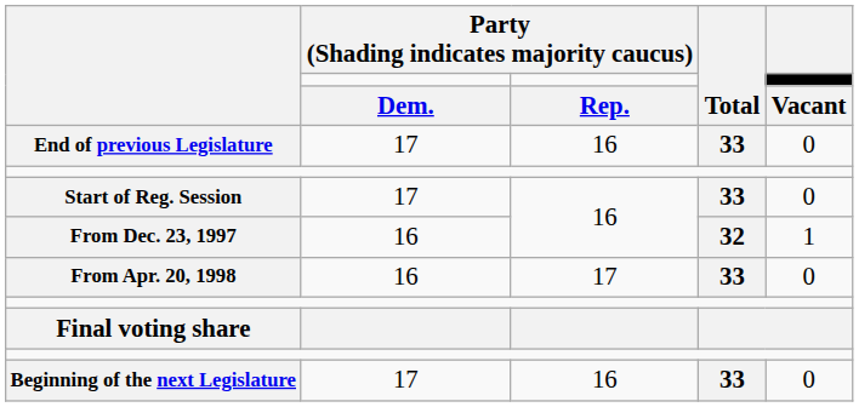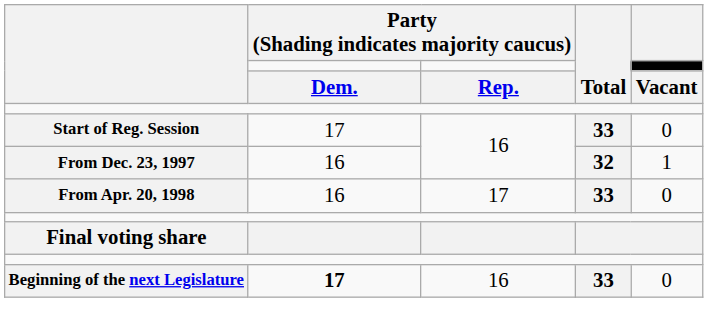 <table class=wikitable style="text-align:center">
 <tr style="vertical-align:bottom;">
 <th rowspan=3></th>
 <th colspan=2>Party <div>(Shading indicates majority caucus)</div></th>
 <th rowspan=3>Total</th>
 <th></th>
 </tr>
 <tr style="height:5px">
 <td style="background-color:"></td>
 <td style="background-color:"></td>
 <td style="background:black;"></td>
 </tr>
 <tr>
 <th><a href='#'>Dem.</a></th>
 <th><a href='#'>Rep.</a></th>
 <th>Vacant</th>
-</tr>
-<tr>
-<th style="font-size:80%;">End of <a href='#'>previous Legislature</a></th>
-<td>17</td>
-<td>16</td>
-<th>33</th>
-<td>0</td>
 </tr>
 <tr>
 <td colspan=5></td>
 </tr>
 <tr>
 <th style="font-size:80%;">Start of Reg. Session</th>
 <td>17</td>
 <td rowspan="2">16</td>
 <th>33</th>
 <td>0</td>
 </tr>
 <tr>
 <th style="font-size:80%;">From Dec. 23, 1997</th>
 <td>16</td>
 <th>32</th>
 <td>1</td>
 </tr>
 <tr>
 <th style="font-size:80%;">From Apr. 20, 1998</th>
 <td>16</td>
 <td>17</td>
 <th>33</th>
 <td>0</td>
 </tr>
 <tr>
 <td colspan=5></td>
 </tr>
 <tr>
 <th>Final voting share</th>
 <th></th>
 <th></th>
 <th colspan=2></th>
 </tr>
 <tr>
 <td colspan=5></td>
 </tr>
 <tr>
 <th style="font-size:80%;">Beginning of the <a href='#'>next Legislature</a></th>
-<td>17</td>
+<td><strong>17</strong></td>
 <td>16</td>
 <th>33</th>
 <td>0</td>
 </tr>
 </table>
